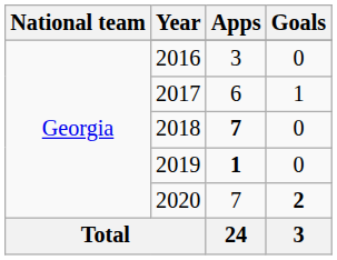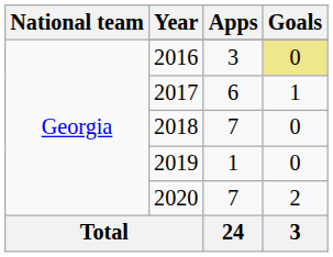 <table class="wikitable" style="text-align: center;">
 <tr>
 <th>National team</th>
 <th>Year</th>
 <th>Apps</th>
 <th>Goals</th>
 </tr>
 <tr>
 <td rowspan="6"><a href='#'>Georgia</a></td>
 </tr>
 <tr>
 <td>2016</td>
 <td>3</td>
-<td>0</td>
+<td style="background: khaki;">0</td>
 </tr>
 <tr>
 <td>2017</td>
 <td>6</td>
 <td>1</td>
 </tr>
 <tr>
 <td>2018</td>
-<td><strong>7</strong></td>
+<td>7</td>
 <td>0</td>
 </tr>
 <tr>
 <td>2019</td>
-<td><strong>1</strong></td>
+<td>1</td>
 <td>0</td>
 </tr>
 <tr>
 <td>2020</td>
 <td>7</td>
-<td><strong>2</strong></td>
+<td>2</td>
 </tr>
 <tr>
 <th colspan="2">Total</th>
 <th>24</th>
 <th>3</th>
 </tr>
 </table>
